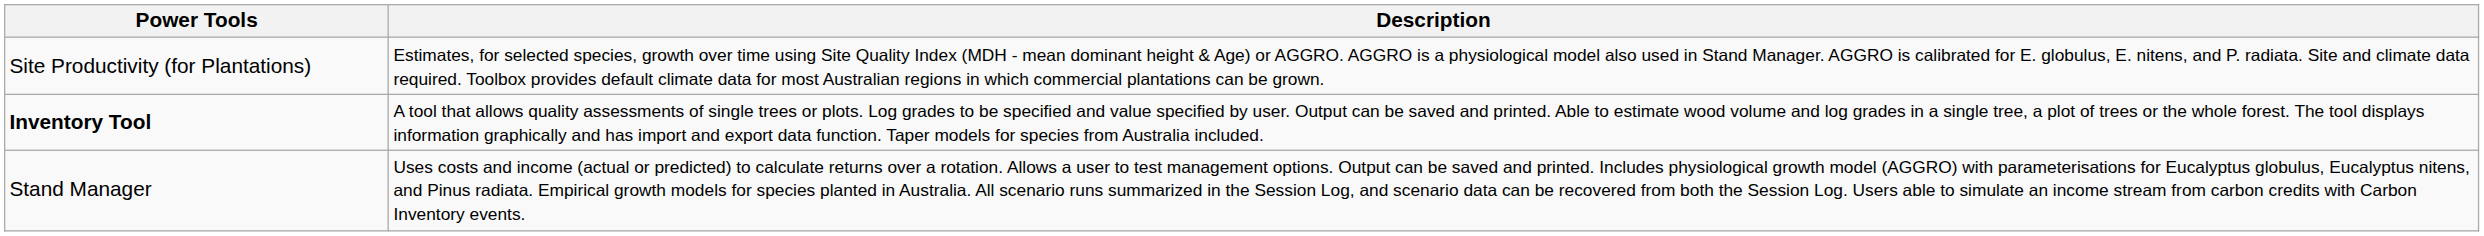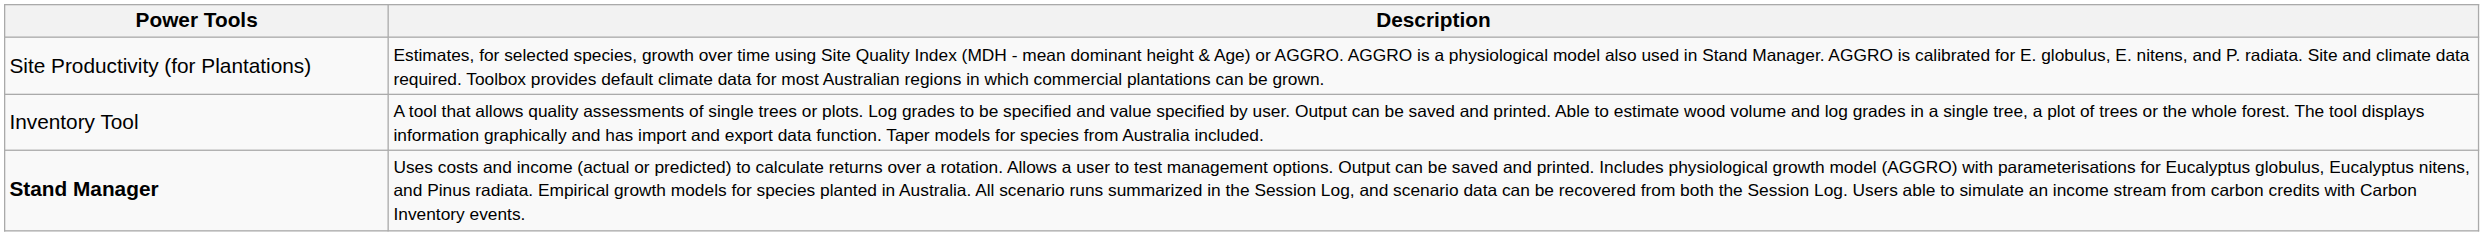 <table class="wikitable">
 <tr>
 <th style="width: 18em;">Power Tools</th>
 <th style="width: 100em;">Description</th>
 </tr>
 <tr>
 <td>Site Productivity (for Plantations)</td>
 <td><small>Estimates, for selected species, growth over time using Site Quality Index (MDH - mean dominant height & Age) or AGGRO. AGGRO is a physiological model also used in Stand Manager. AGGRO is calibrated for E. globulus, E. nitens, and P. radiata. Site and climate data required. Toolbox provides default climate data for most Australian regions in which commercial plantations can be grown.</small></td>
 </tr>
 <tr>
-<td><strong>Inventory Tool</strong></td>
+<td>Inventory Tool</td>
 <td><small>A tool that allows quality assessments of single trees or plots. Log grades to be specified and value specified by user. Output can be saved and printed. Able to estimate wood volume and log grades in a single tree, a plot of trees or the whole forest. The tool displays information graphically and has import and export data function. Taper models for species from Australia included.</small></td>
 </tr>
 <tr>
-<td>Stand Manager</td>
+<td><strong>Stand Manager</strong></td>
 <td><small>Uses costs and income (actual or predicted) to calculate returns over a rotation. Allows a user to test management options. Output can be saved and printed. Includes physiological growth model (AGGRO) with parameterisations for Eucalyptus globulus, Eucalyptus nitens, and Pinus radiata. Empirical growth models for species planted in Australia. All scenario runs summarized in the Session Log, and scenario data can be recovered from both the Session Log. Users able to simulate an income stream from carbon credits with Carbon Inventory events.</small></td>
 </tr>
 </table>
